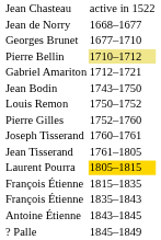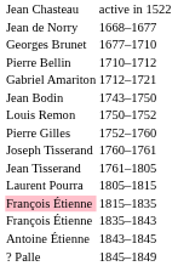 <table>
 <tr>
 <td>Jean Chasteau</td>
 <td>active in 1522</td>
 </tr>
 <tr>
 <td>Jean de Norry</td>
 <td>1668–1677</td>
 </tr>
 <tr>
 <td>Georges Brunet</td>
 <td>1677–1710</td>
 </tr>
 <tr>
 <td>Pierre Bellin</td>
-<td style="background: khaki;">1710–1712</td>
+<td>1710–1712</td>
 </tr>
 <tr>
 <td>Gabriel Amariton</td>
 <td>1712–1721</td>
 </tr>
 <tr>
 <td>Jean Bodin</td>
 <td>1743–1750</td>
 </tr>
 <tr>
 <td>Louis Remon</td>
 <td>1750–1752</td>
 </tr>
 <tr>
 <td>Pierre Gilles</td>
 <td>1752–1760</td>
 </tr>
 <tr>
 <td>Joseph Tisserand</td>
 <td>1760–1761</td>
 </tr>
 <tr>
 <td>Jean Tisserand</td>
 <td>1761–1805</td>
 </tr>
 <tr>
 <td>Laurent Pourra</td>
-<td style="background: gold;">1805–1815</td>
+<td>1805–1815</td>
 </tr>
 <tr>
-<td>François Étienne</td>
+<td style="background: pink;">François Étienne</td>
 <td>1815–1835</td>
 </tr>
 <tr>
 <td>François Étienne</td>
 <td>1835–1843</td>
 </tr>
 <tr>
 <td>Antoine Étienne</td>
 <td>1843–1845</td>
 </tr>
 <tr>
 <td>? Palle</td>
 <td>1845–1849</td>
 </tr>
 </table>
